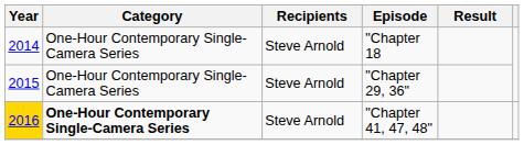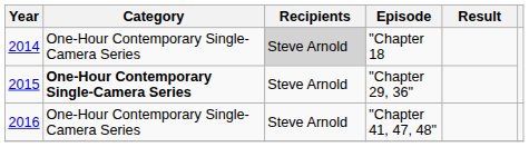 <table class="wikitable plainrowheaders" style="font-size: 90%" width=85%>
 <tr>
 <th scope="col" style="width:2%;">Year</th>
 <th scope="col" style="width:45%;">Category</th>
 <th scope="col" style="width:20%;">Recipients</th>
 <th scope="col" style="width:15%;">Episode</th>
 <th scope="col" style="width:15%;">Result</th>
 <th scope="col" class="unsortable" style="width:1%;"></th>
 </tr>
 <tr>
 <td style="text-align:center;"><a href='#'>2014</a></td>
 <td>One-Hour Contemporary Single-Camera Series</td>
-<td>Steve Arnold</td>
+<td style="background: lightgrey;">Steve Arnold</td>
 <td>"Chapter 18</td>
 <td></td>
 <td rowspan=2 style="text-align:center;"></td>
 </tr>
 <tr>
 <td style="text-align:center;"><a href='#'>2015</a></td>
-<td>One-Hour Contemporary Single-Camera Series</td>
+<td><strong>One-Hour Contemporary Single-Camera Series</strong></td>
 <td>Steve Arnold</td>
 <td>"Chapter 29, 36"</td>
 <td></td>
 </tr>
 <tr>
-<td style="background: gold; text-align:center;"><a href='#'>2016</a></td>
-<td><strong>One-Hour Contemporary Single-Camera Series</strong></td>
+<td style="text-align:center;"><a href='#'>2016</a></td>
+<td>One-Hour Contemporary Single-Camera Series</td>
 <td>Steve Arnold</td>
 <td>"Chapter 41, 47, 48"</td>
 <td></td>
 <td style="text-align:center;"></td>
 </tr>
 <tr>
 </tr>
 </table>
